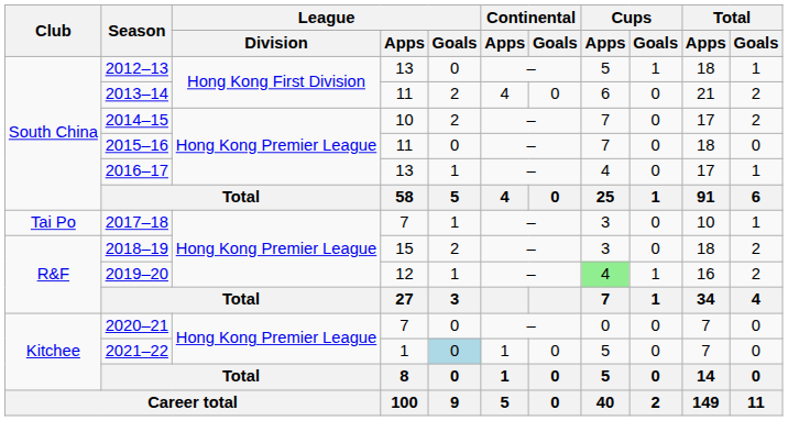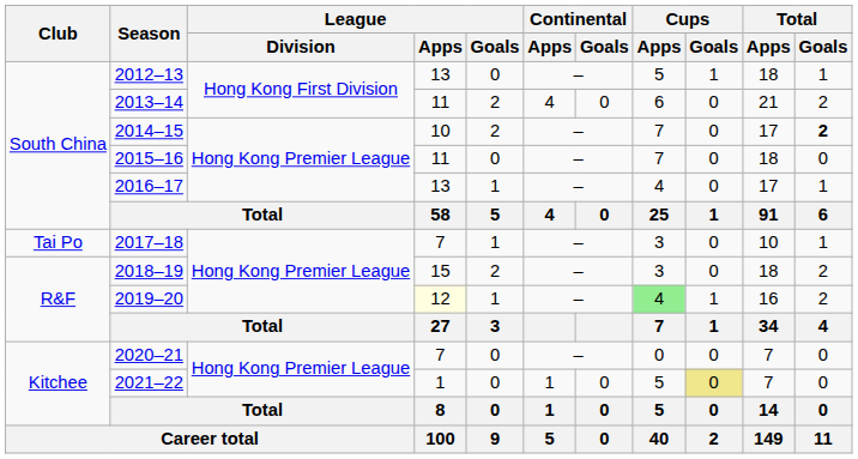 <table class="wikitable" style="text-align: center;">
 <tr>
 <th rowspan="2">Club</th>
 <th rowspan="2">Season</th>
 <th colspan="3">League</th>
 <th colspan="2">Continental</th>
 <th colspan="2">Cups</th>
 <th colspan="2">Total</th>
 </tr>
 <tr>
 <th>Division</th>
 <th>Apps</th>
 <th>Goals</th>
 <th>Apps</th>
 <th>Goals</th>
 <th>Apps</th>
 <th>Goals</th>
 <th>Apps</th>
 <th>Goals</th>
 </tr>
 <tr>
 <td rowspan="6"><a href='#'>South China</a></td>
 <td><a href='#'>2012–13</a></td>
 <td rowspan="2"><a href='#'>Hong Kong First Division</a></td>
 <td>13</td>
 <td>0</td>
 <td colspan="2">–</td>
 <td>5</td>
 <td>1</td>
 <td>18</td>
 <td>1</td>
 </tr>
 <tr>
 <td><a href='#'>2013–14</a></td>
 <td>11</td>
 <td>2</td>
 <td>4</td>
 <td>0</td>
 <td>6</td>
 <td>0</td>
 <td>21</td>
 <td>2</td>
 </tr>
 <tr>
 <td><a href='#'>2014–15</a></td>
 <td rowspan="3"><a href='#'>Hong Kong Premier League</a></td>
 <td>10</td>
 <td>2</td>
 <td colspan="2">–</td>
 <td>7</td>
 <td>0</td>
 <td>17</td>
-<td>2</td>
+<td><strong>2</strong></td>
 </tr>
 <tr>
 <td><a href='#'>2015–16</a></td>
 <td>11</td>
 <td>0</td>
 <td colspan="2">–</td>
 <td>7</td>
 <td>0</td>
 <td>18</td>
 <td>0</td>
 </tr>
 <tr>
 <td><a href='#'>2016–17</a></td>
 <td>13</td>
 <td>1</td>
 <td colspan="2">–</td>
 <td>4</td>
 <td>0</td>
 <td>17</td>
 <td>1</td>
 </tr>
 <tr>
 <th colspan="2">Total</th>
 <th>58</th>
 <th>5</th>
 <th>4</th>
 <th>0</th>
 <th>25</th>
 <th>1</th>
 <th>91</th>
 <th>6</th>
 </tr>
 <tr>
 <td rowspan="1"><a href='#'>Tai Po</a></td>
 <td><a href='#'>2017–18</a></td>
 <td rowspan="3"><a href='#'>Hong Kong Premier League</a></td>
 <td>7</td>
 <td>1</td>
 <td colspan="2">–</td>
 <td>3</td>
 <td>0</td>
 <td>10</td>
 <td>1</td>
 </tr>
 <tr>
 <td rowspan="3"><a href='#'>R&F</a></td>
 <td><a href='#'>2018–19</a></td>
 <td>15</td>
 <td>2</td>
 <td colspan="2">–</td>
 <td>3</td>
 <td>0</td>
 <td>18</td>
 <td>2</td>
 </tr>
 <tr>
 <td><a href='#'>2019–20</a></td>
-<td>12</td>
+<td style="background: lightyellow;">12</td>
 <td>1</td>
 <td colspan="2">–</td>
 <td style="background: lightgreen;">4</td>
 <td>1</td>
 <td>16</td>
 <td>2</td>
 </tr>
 <tr>
 <th colspan="2">Total</th>
 <th>27</th>
 <th>3</th>
 <th></th>
 <th></th>
 <th>7</th>
 <th>1</th>
 <th>34</th>
 <th>4</th>
 </tr>
 <tr>
 <td rowspan="3"><a href='#'>Kitchee</a></td>
 <td><a href='#'>2020–21</a></td>
 <td rowspan="2"><a href='#'>Hong Kong Premier League</a></td>
 <td>7</td>
 <td>0</td>
 <td colspan="2">–</td>
 <td>0</td>
 <td>0</td>
 <td>7</td>
 <td>0</td>
 </tr>
 <tr>
 <td><a href='#'>2021–22</a></td>
 <td>1</td>
-<td style="background: lightblue;">0</td>
+<td>0</td>
 <td>1</td>
 <td>0</td>
 <td>5</td>
-<td>0</td>
+<td style="background: khaki;">0</td>
 <td>7</td>
 <td>0</td>
 </tr>
 <tr>
 <th colspan="2">Total</th>
 <th>8</th>
 <th>0</th>
 <th>1</th>
 <th>0</th>
 <th>5</th>
 <th>0</th>
 <th>14</th>
 <th>0</th>
 </tr>
 <tr>
 <th colspan="3">Career total</th>
 <th>100</th>
 <th>9</th>
 <th>5</th>
 <th>0</th>
 <th>40</th>
 <th>2</th>
 <th>149</th>
 <th>11</th>
 </tr>
 </table>
